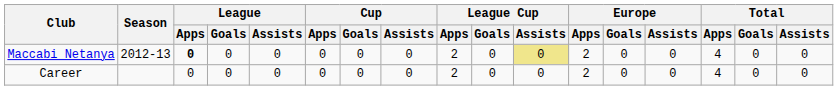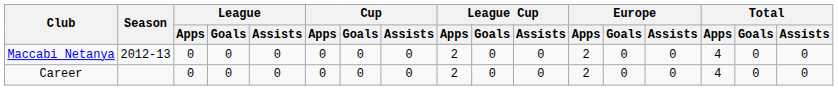 <table class="wikitable" style="font-size:90%; text-align: center;">
 <tr>
 <th rowspan="2">Club</th>
 <th rowspan="2">Season</th>
 <th colspan="3">League</th>
 <th colspan="3">Cup</th>
 <th colspan="3">League Cup</th>
 <th colspan="3">Europe</th>
 <th colspan="3">Total</th>
 </tr>
 <tr>
 <th>Apps</th>
 <th>Goals</th>
 <th>Assists</th>
 <th>Apps</th>
 <th>Goals</th>
 <th>Assists</th>
 <th>Apps</th>
 <th>Goals</th>
 <th>Assists</th>
 <th>Apps</th>
 <th>Goals</th>
 <th>Assists</th>
 <th>Apps</th>
 <th>Goals</th>
 <th>Assists</th>
 </tr>
 <tr |-||-||-|>
 <td rowspan="1" valign="top"><a href='#'>Maccabi Netanya</a></td>
 <td>2012-13</td>
-<td><strong>0</strong></td>
+<td>0</td>
 <td>0</td>
 <td>0</td>
 <td>0</td>
 <td>0</td>
 <td>0</td>
 <td>2</td>
 <td>0</td>
-<td style="background: khaki;">0</td>
+<td>0</td>
 <td>2</td>
 <td>0</td>
 <td>0</td>
 <td>4</td>
 <td>0</td>
 <td>0</td>
 </tr>
 <tr>
 <td rowspan="1" valign="top">Career</td>
 <td></td>
 <td>0</td>
 <td>0</td>
 <td>0</td>
 <td>0</td>
 <td>0</td>
 <td>0</td>
 <td>2</td>
 <td>0</td>
 <td>0</td>
 <td>2</td>
 <td>0</td>
 <td>0</td>
 <td>4</td>
 <td>0</td>
 <td>0</td>
 </tr>
 </table>
